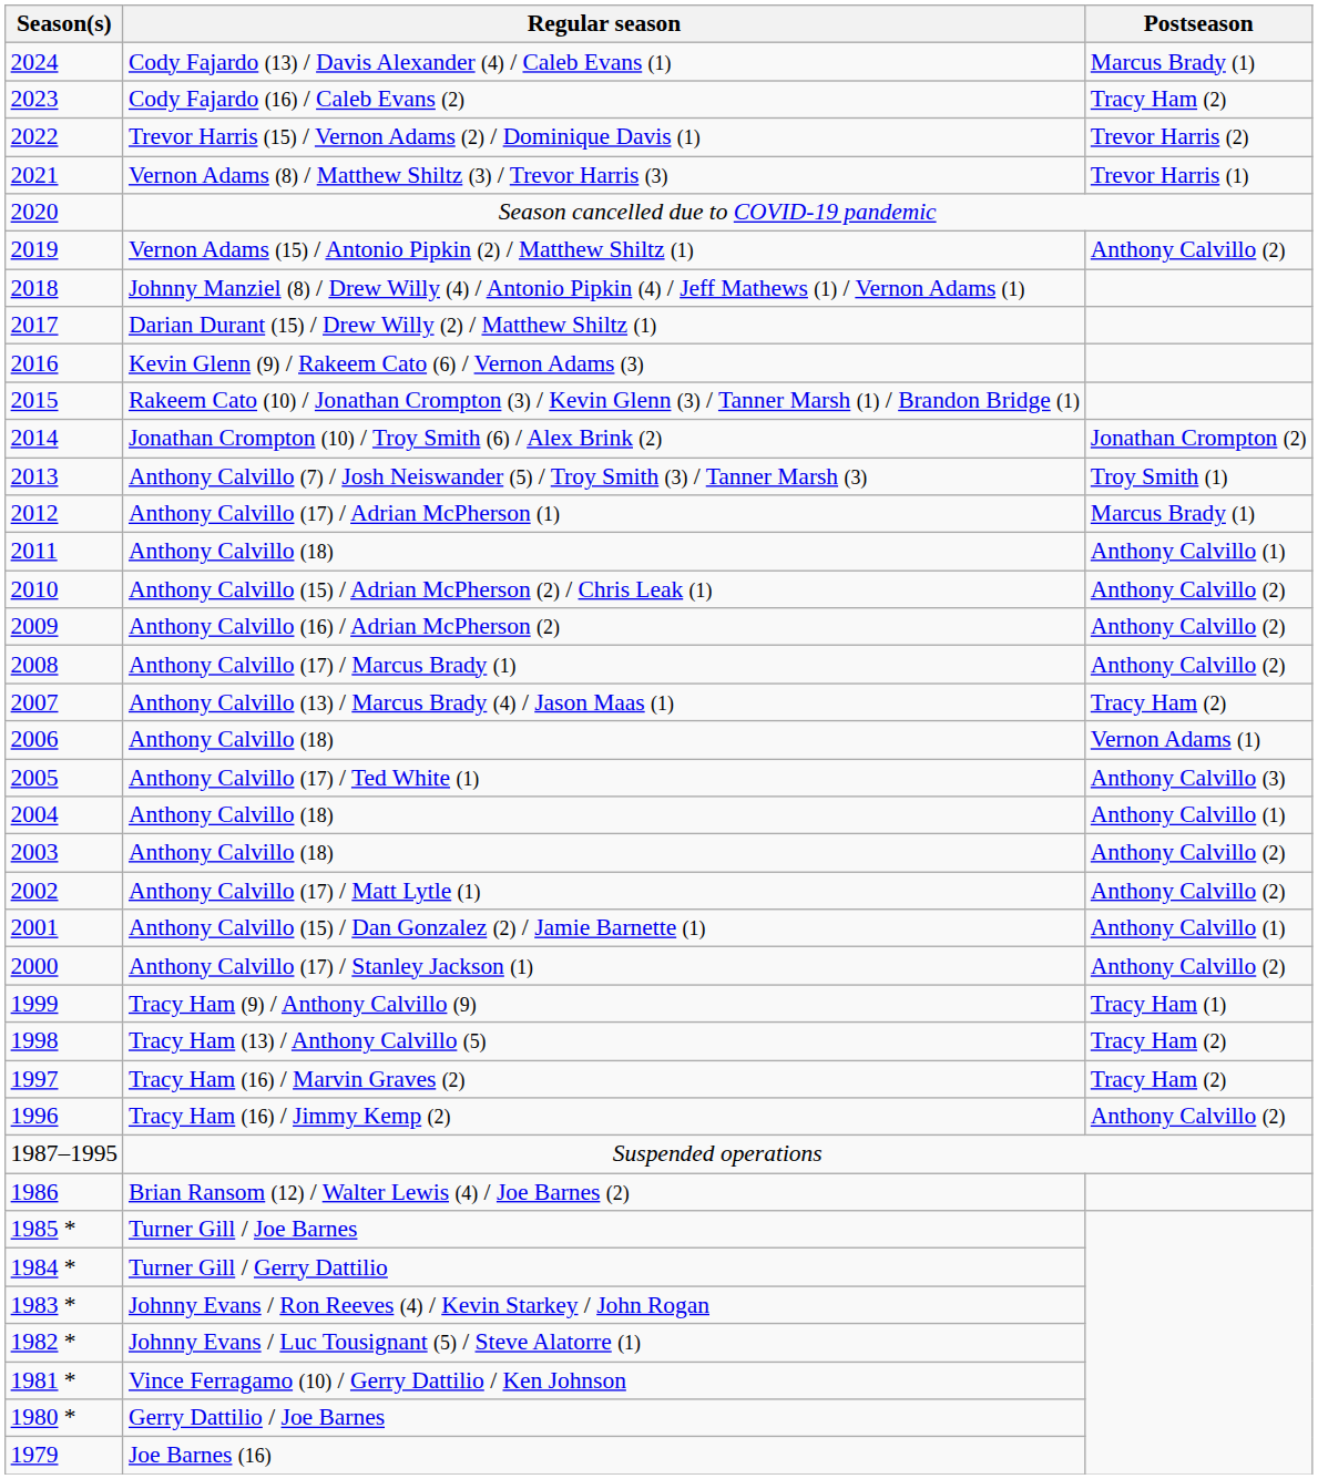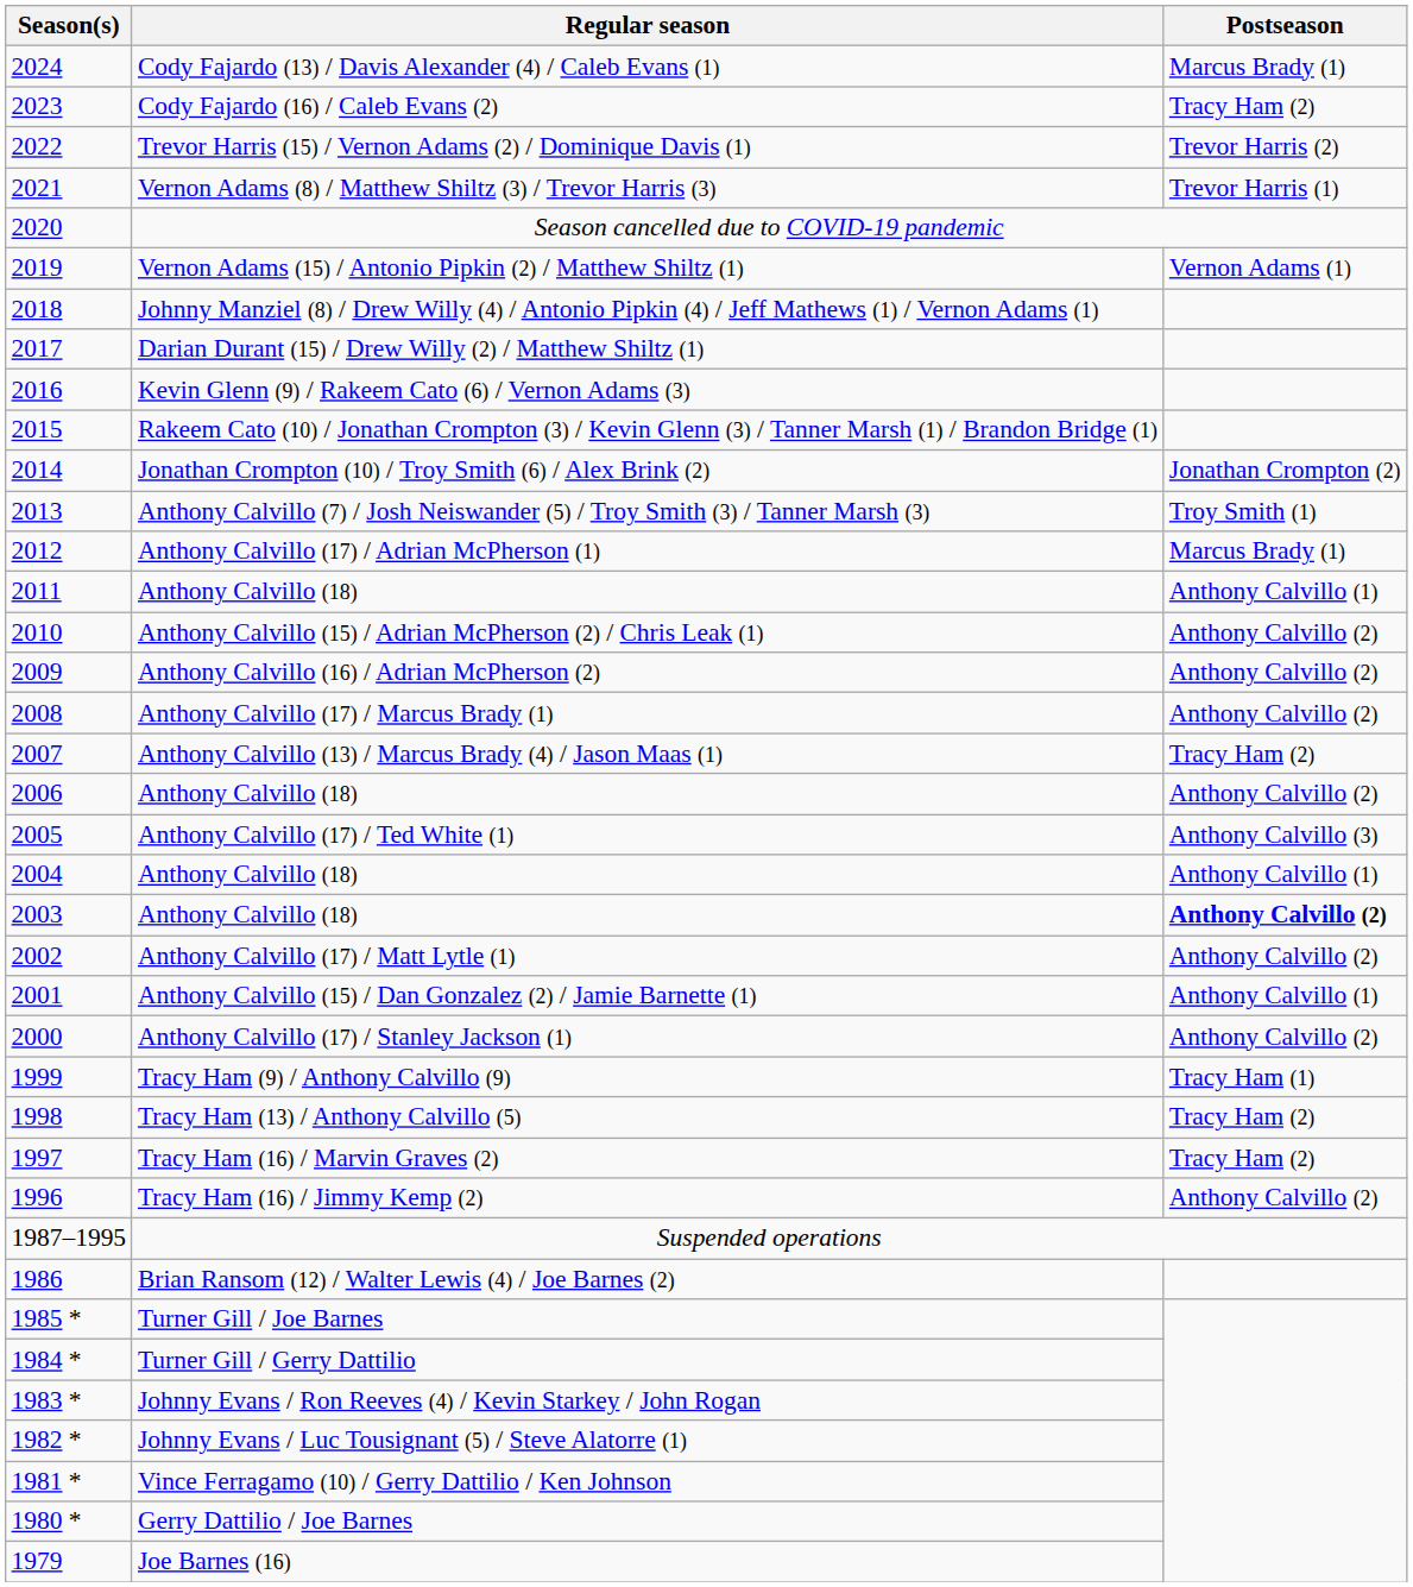 <table class="wikitable sortable">
 <tr>
 <th>Season(s)</th>
 <th>Regular season</th>
 <th>Postseason</th>
 </tr>
 <tr>
 <td align=left><a href='#'>2024</a></td>
 <td align=left><a href='#'>Cody Fajardo</a> <small>(13)</small> / <a href='#'>Davis Alexander</a> <small>(4)</small> / <a href='#'>Caleb Evans</a> <small>(1)</small></td>
 <td><a href='#'>Marcus Brady</a> <small>(1)</small></td>
 </tr>
 <tr>
 <td align=left><a href='#'>2023</a></td>
 <td align=left><a href='#'>Cody Fajardo</a> <small>(16)</small> / <a href='#'>Caleb Evans</a> <small>(2)</small></td>
 <td><a href='#'>Tracy Ham</a> <small>(2)</small></td>
 </tr>
 <tr>
 <td align=left><a href='#'>2022</a></td>
 <td align=left><a href='#'>Trevor Harris</a> <small>(15)</small> / <a href='#'>Vernon Adams</a> <small>(2)</small> / <a href='#'>Dominique Davis</a> <small>(1)</small></td>
 <td><a href='#'>Trevor Harris</a> <small>(2)</small></td>
 </tr>
 <tr>
 <td align=left><a href='#'>2021</a></td>
 <td align=left><a href='#'>Vernon Adams</a> <small>(8)</small> / <a href='#'>Matthew Shiltz</a> <small>(3)</small> / <a href='#'>Trevor Harris</a> <small>(3)</small></td>
 <td><a href='#'>Trevor Harris</a> <small>(1)</small></td>
 </tr>
 <tr>
 <td><a href='#'>2020</a></td>
 <td align="center" colSpan="2"><em>Season cancelled due to <a href='#'>COVID-19 pandemic</a></em></td>
 </tr>
 <tr>
 <td align=left><a href='#'>2019</a></td>
 <td align=left><a href='#'>Vernon Adams</a> <small>(15)</small> / <a href='#'>Antonio Pipkin</a> <small>(2)</small> / <a href='#'>Matthew Shiltz</a> <small>(1)</small></td>
-<td><a href='#'>Anthony Calvillo</a> <small>(2)</small></td>
+<td><a href='#'>Vernon Adams</a> <small>(1)</small></td>
 </tr>
 <tr>
 <td align=left><a href='#'>2018</a></td>
 <td align=left><a href='#'>Johnny Manziel</a> <small>(8)</small> / <a href='#'>Drew Willy</a> <small>(4)</small> / <a href='#'>Antonio Pipkin</a> <small>(4)</small> / <a href='#'>Jeff Mathews</a> <small>(1)</small> / <a href='#'>Vernon Adams</a> <small>(1)</small></td>
 <td></td>
 </tr>
 <tr>
 <td align=left><a href='#'>2017</a></td>
 <td align=left><a href='#'>Darian Durant</a> <small>(15)</small> / <a href='#'>Drew Willy</a> <small>(2)</small> / <a href='#'>Matthew Shiltz</a> <small>(1)</small></td>
 <td></td>
 </tr>
 <tr>
 <td align=left><a href='#'>2016</a></td>
 <td align=left><a href='#'>Kevin Glenn</a> <small>(9)</small> / <a href='#'>Rakeem Cato</a> <small>(6)</small> / <a href='#'>Vernon Adams</a> <small>(3)</small></td>
 <td></td>
 </tr>
 <tr>
 <td align=left><a href='#'>2015</a></td>
 <td align=left><a href='#'>Rakeem Cato</a> <small>(10)</small> / <a href='#'>Jonathan Crompton</a> <small>(3)</small> / <a href='#'>Kevin Glenn</a> <small>(3)</small> / <a href='#'>Tanner Marsh</a> <small>(1)</small> / <a href='#'>Brandon Bridge</a> <small>(1)</small></td>
 <td></td>
 </tr>
 <tr>
 <td align=left><a href='#'>2014</a></td>
 <td align=left><a href='#'>Jonathan Crompton</a> <small>(10)</small> / <a href='#'>Troy Smith</a> <small>(6)</small> / <a href='#'>Alex Brink</a> <small>(2)</small></td>
 <td><a href='#'>Jonathan Crompton</a> <small>(2)</small></td>
 </tr>
 <tr>
 <td align=left><a href='#'>2013</a></td>
 <td align=left><a href='#'>Anthony Calvillo</a> <small>(7)</small> / <a href='#'>Josh Neiswander</a> <small>(5)</small> / <a href='#'>Troy Smith</a> <small>(3)</small> / <a href='#'>Tanner Marsh</a> <small>(3)</small></td>
 <td><a href='#'>Troy Smith</a> <small>(1)</small></td>
 </tr>
 <tr>
 <td align=left><a href='#'>2012</a></td>
 <td align=left><a href='#'>Anthony Calvillo</a> <small>(17)</small> / <a href='#'>Adrian McPherson</a> <small>(1)</small></td>
 <td><a href='#'>Marcus Brady</a> <small>(1)</small></td>
 </tr>
 <tr>
 <td align=left><a href='#'>2011</a></td>
 <td align=left><a href='#'>Anthony Calvillo</a> <small>(18)</small></td>
 <td><a href='#'>Anthony Calvillo</a> <small>(1)</small></td>
 </tr>
 <tr>
 <td align=left><a href='#'>2010</a></td>
 <td align=left><a href='#'>Anthony Calvillo</a> <small>(15)</small> / <a href='#'>Adrian McPherson</a> <small>(2)</small> / <a href='#'>Chris Leak</a> <small>(1)</small></td>
 <td><a href='#'>Anthony Calvillo</a> <small>(2)</small></td>
 </tr>
 <tr>
 <td align=left><a href='#'>2009</a></td>
 <td align=left><a href='#'>Anthony Calvillo</a> <small>(16)</small> / <a href='#'>Adrian McPherson</a> <small>(2)</small></td>
 <td><a href='#'>Anthony Calvillo</a> <small>(2)</small></td>
 </tr>
 <tr>
 <td align=left><a href='#'>2008</a></td>
 <td align=left><a href='#'>Anthony Calvillo</a> <small>(17)</small> / <a href='#'>Marcus Brady</a> <small>(1)</small></td>
 <td><a href='#'>Anthony Calvillo</a> <small>(2)</small></td>
 </tr>
 <tr>
 <td align=left><a href='#'>2007</a></td>
 <td align=left><a href='#'>Anthony Calvillo</a> <small>(13)</small> / <a href='#'>Marcus Brady</a> <small>(4)</small> / <a href='#'>Jason Maas</a> <small>(1)</small></td>
 <td><a href='#'>Tracy Ham</a> <small>(2)</small></td>
 </tr>
 <tr>
 <td align=left><a href='#'>2006</a></td>
 <td align=left><a href='#'>Anthony Calvillo</a> <small>(18)</small></td>
-<td><a href='#'>Vernon Adams</a> <small>(1)</small></td>
+<td><a href='#'>Anthony Calvillo</a> <small>(2)</small></td>
 </tr>
 <tr>
 <td align=left><a href='#'>2005</a></td>
 <td align=left><a href='#'>Anthony Calvillo</a> <small>(17)</small> / <a href='#'>Ted White</a> <small>(1)</small></td>
 <td><a href='#'>Anthony Calvillo</a> <small>(3)</small></td>
 </tr>
 <tr>
 <td align=left><a href='#'>2004</a></td>
 <td align=left><a href='#'>Anthony Calvillo</a> <small>(18)</small></td>
 <td><a href='#'>Anthony Calvillo</a> <small>(1)</small></td>
 </tr>
 <tr>
 <td align=left><a href='#'>2003</a></td>
 <td align=left><a href='#'>Anthony Calvillo</a> <small>(18)</small></td>
-<td><a href='#'>Anthony Calvillo</a> <small>(2)</small></td>
+<td><strong><a href='#'>Anthony Calvillo</a> <small>(2)</small></strong></td>
 </tr>
 <tr>
 <td align=left><a href='#'>2002</a></td>
 <td align=left><a href='#'>Anthony Calvillo</a> <small>(17)</small> / <a href='#'>Matt Lytle</a> <small>(1)</small></td>
 <td><a href='#'>Anthony Calvillo</a> <small>(2)</small></td>
 </tr>
 <tr>
 <td align=left><a href='#'>2001</a></td>
 <td align=left><a href='#'>Anthony Calvillo</a> <small>(15)</small> / <a href='#'>Dan Gonzalez</a> <small>(2)</small> / <a href='#'>Jamie Barnette</a> <small>(1)</small></td>
 <td><a href='#'>Anthony Calvillo</a> <small>(1)</small></td>
 </tr>
 <tr>
 <td align=left><a href='#'>2000</a></td>
 <td align=left><a href='#'>Anthony Calvillo</a> <small>(17)</small> / <a href='#'>Stanley Jackson</a> <small>(1)</small></td>
 <td><a href='#'>Anthony Calvillo</a> <small>(2)</small></td>
 </tr>
 <tr>
 <td align=left><a href='#'>1999</a></td>
 <td align=left><a href='#'>Tracy Ham</a> <small>(9)</small> / <a href='#'>Anthony Calvillo</a> <small>(9)</small></td>
 <td><a href='#'>Tracy Ham</a> <small>(1)</small></td>
 </tr>
 <tr>
 <td align=left><a href='#'>1998</a></td>
 <td align=left><a href='#'>Tracy Ham</a> <small>(13)</small> / <a href='#'>Anthony Calvillo</a> <small>(5)</small></td>
 <td><a href='#'>Tracy Ham</a> <small>(2)</small></td>
 </tr>
 <tr>
 <td align=left><a href='#'>1997</a></td>
 <td align=left><a href='#'>Tracy Ham</a> <small>(16)</small> / <a href='#'>Marvin Graves</a> <small>(2)</small></td>
 <td><a href='#'>Tracy Ham</a> <small>(2)</small></td>
 </tr>
 <tr>
 <td align=left><a href='#'>1996</a></td>
 <td align=left><a href='#'>Tracy Ham</a> <small>(16)</small> / <a href='#'>Jimmy Kemp</a> <small>(2)</small></td>
 <td><a href='#'>Anthony Calvillo</a> <small>(2)</small></td>
 </tr>
 <tr>
 <td align=left>1987–1995</td>
 <td align="center" colSpan="2"><em>Suspended operations</em></td>
 </tr>
 <tr>
 <td align=left><a href='#'>1986</a></td>
 <td align=left><a href='#'>Brian Ransom</a> <small>(12)</small> / <a href='#'>Walter Lewis</a> <small>(4)</small> / <a href='#'>Joe Barnes</a> <small>(2)</small></td>
 <td></td>
 </tr>
 <tr>
 <td align=left><a href='#'>1985</a> *</td>
 <td align=left><a href='#'>Turner Gill</a> / <a href='#'>Joe Barnes</a></td>
 </tr>
 <tr>
 <td align=left><a href='#'>1984</a> *</td>
 <td align=left><a href='#'>Turner Gill</a> / <a href='#'>Gerry Dattilio</a></td>
 </tr>
 <tr>
 <td align=left><a href='#'>1983</a> *</td>
 <td align=left><a href='#'>Johnny Evans</a> / <a href='#'>Ron Reeves</a> <small>(4)</small> / <a href='#'>Kevin Starkey</a> / <a href='#'>John Rogan</a></td>
 </tr>
 <tr>
 <td align=left><a href='#'>1982</a> *</td>
 <td align=left><a href='#'>Johnny Evans</a> / <a href='#'>Luc Tousignant</a> <small>(5)</small> / <a href='#'>Steve Alatorre</a> <small>(1)</small></td>
 </tr>
 <tr>
 <td align=left><a href='#'>1981</a> *</td>
 <td align=left><a href='#'>Vince Ferragamo</a> <small>(10)</small> / <a href='#'>Gerry Dattilio</a> / <a href='#'>Ken Johnson</a></td>
 </tr>
 <tr>
 <td align=left><a href='#'>1980</a> *</td>
 <td align=left><a href='#'>Gerry Dattilio</a> / <a href='#'>Joe Barnes</a></td>
 </tr>
 <tr>
 <td align=left><a href='#'>1979</a></td>
 <td align=left><a href='#'>Joe Barnes</a> <small>(16)</small></td>
 </tr>
 <tr>
 </tr>
 </table>
